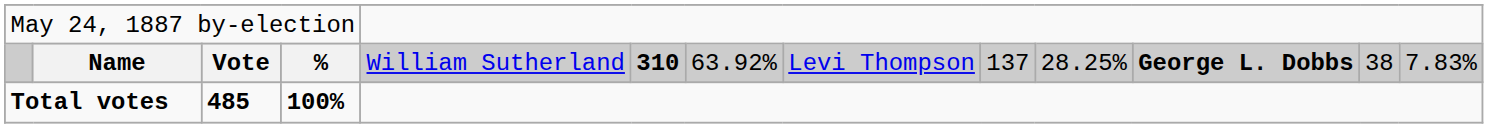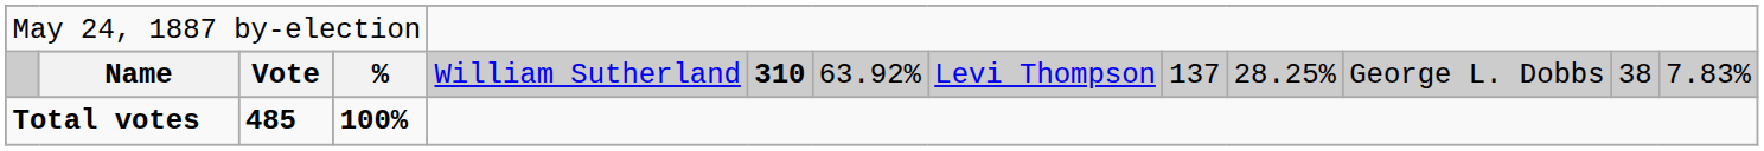 <table class="wikitable">
 <tr>
 <td colspan=4 align=center>May 24, 1887 by-election</td>
 </tr>
 <tr bgcolor="CCCCCC">
 <td></td>
 <th>Name</th>
 <th>Vote</th>
 <th>%<br></th>
 <td><a href='#'>William Sutherland</a></td>
 <td><strong>310</strong></td>
 <td>63.92%<br></td>
 <td><a href='#'>Levi Thompson</a></td>
 <td>137</td>
 <td>28.25%<br></td>
-<td><strong>George L. Dobbs</strong></td>
+<td>George L. Dobbs</td>
 <td>38</td>
 <td>7.83%</td>
 </tr>
 <tr>
 <td colspan=2><strong>Total votes</strong></td>
 <td><strong>485</strong></td>
 <td><strong>100%</strong></td>
 </tr>
 </table>
